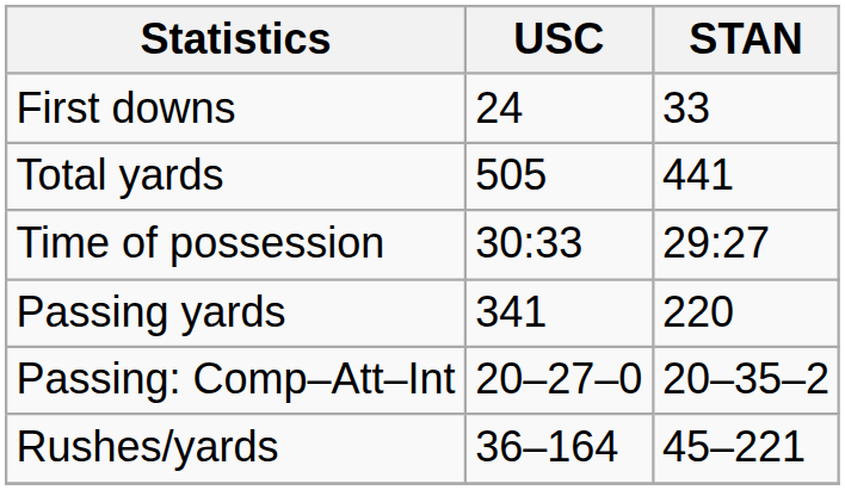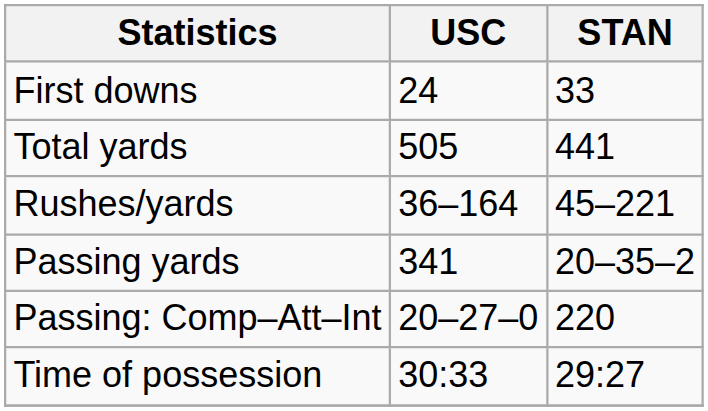 <table class="wikitable" style="float: left;">
 <tr>
 <th>Statistics</th>
 <th>USC</th>
 <th>STAN</th>
 </tr>
 <tr>
 <td>First downs</td>
 <td>24</td>
 <td>33</td>
 </tr>
 <tr>
 <td>Total yards</td>
 <td>505</td>
 <td>441</td>
 </tr>
 <tr>
+<td>Rushes/yards</td>
+<td>36–164</td>
+<td>45–221</td>
+</tr>
+<tr>
+<td>Passing yards</td>
+<td>341</td>
+<td>20–35–2</td>
+</tr>
+<tr>
+<td>Passing: Comp–Att–Int</td>
+<td>20–27–0</td>
+<td>220</td>
+</tr>
+<tr>
 <td>Time of possession</td>
 <td>30:33</td>
 <td>29:27</td>
 </tr>
 <tr>
-<td>Passing yards</td>
-<td>341</td>
-<td>220</td>
-</tr>
-<tr>
-<td>Passing: Comp–Att–Int</td>
-<td>20–27–0</td>
-<td>20–35–2</td>
-</tr>
-<tr>
-<td>Rushes/yards</td>
-<td>36–164</td>
-<td>45–221</td>
-</tr>
-<tr>
 </tr>
 </table>
